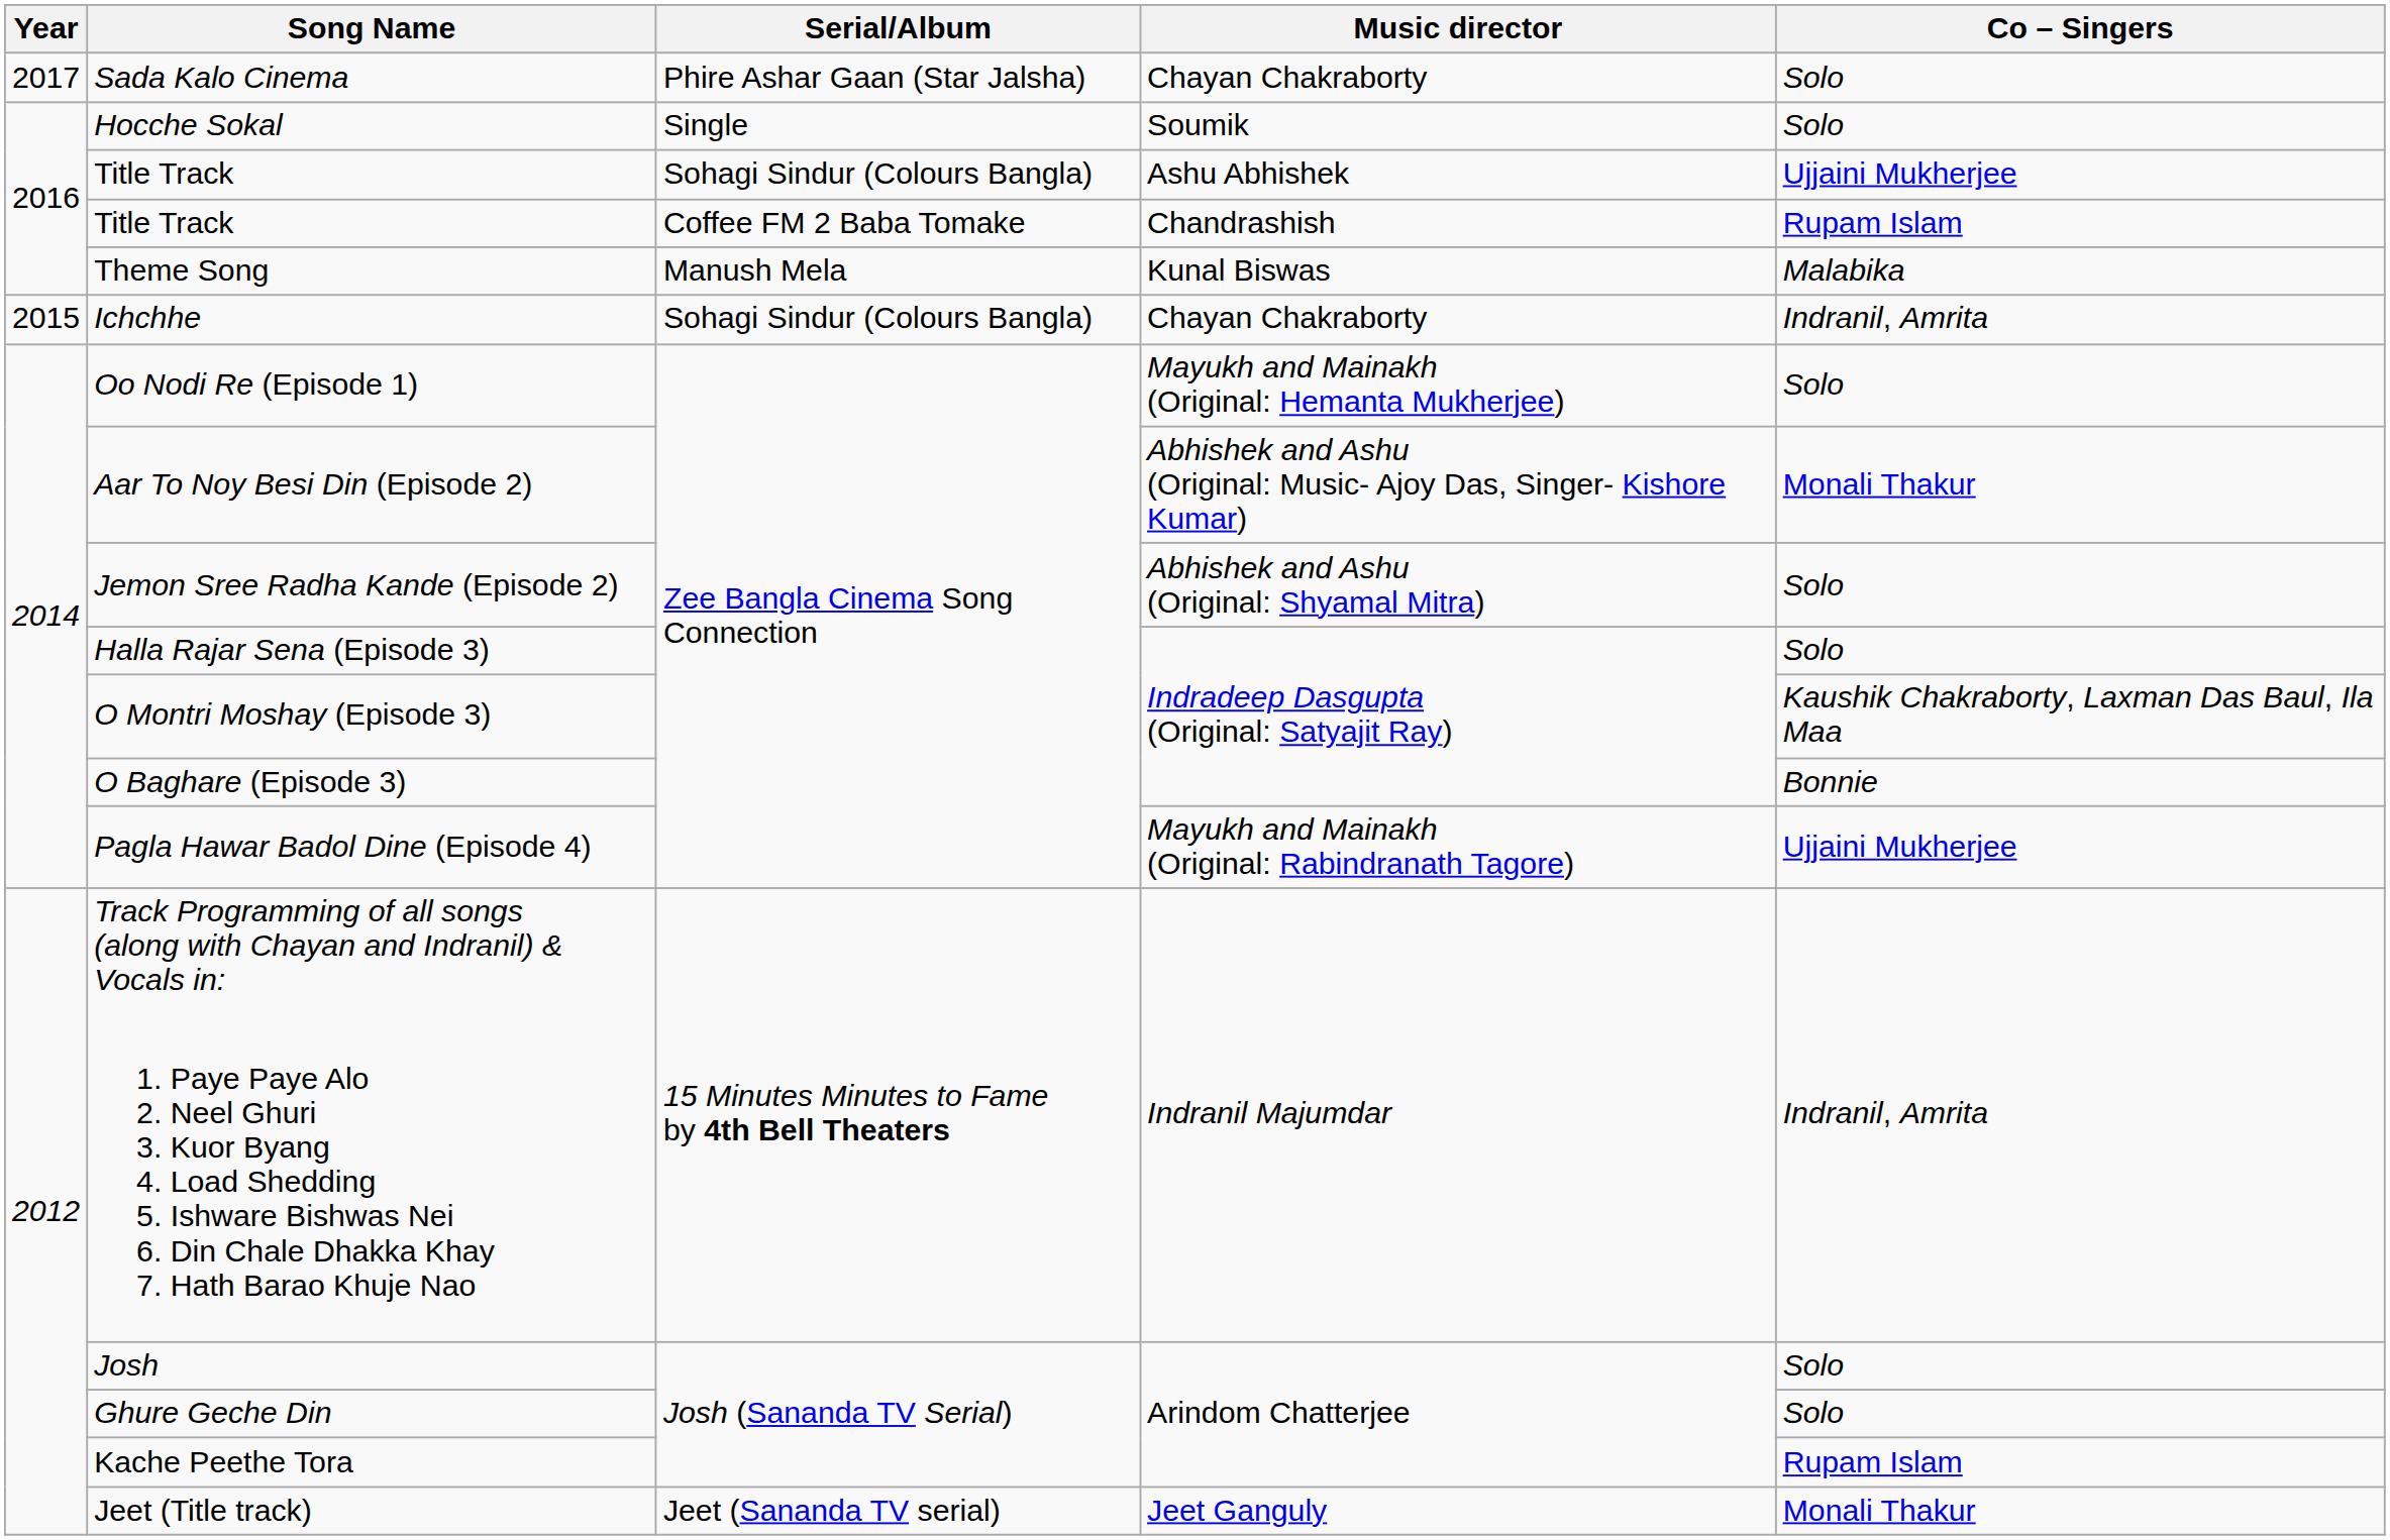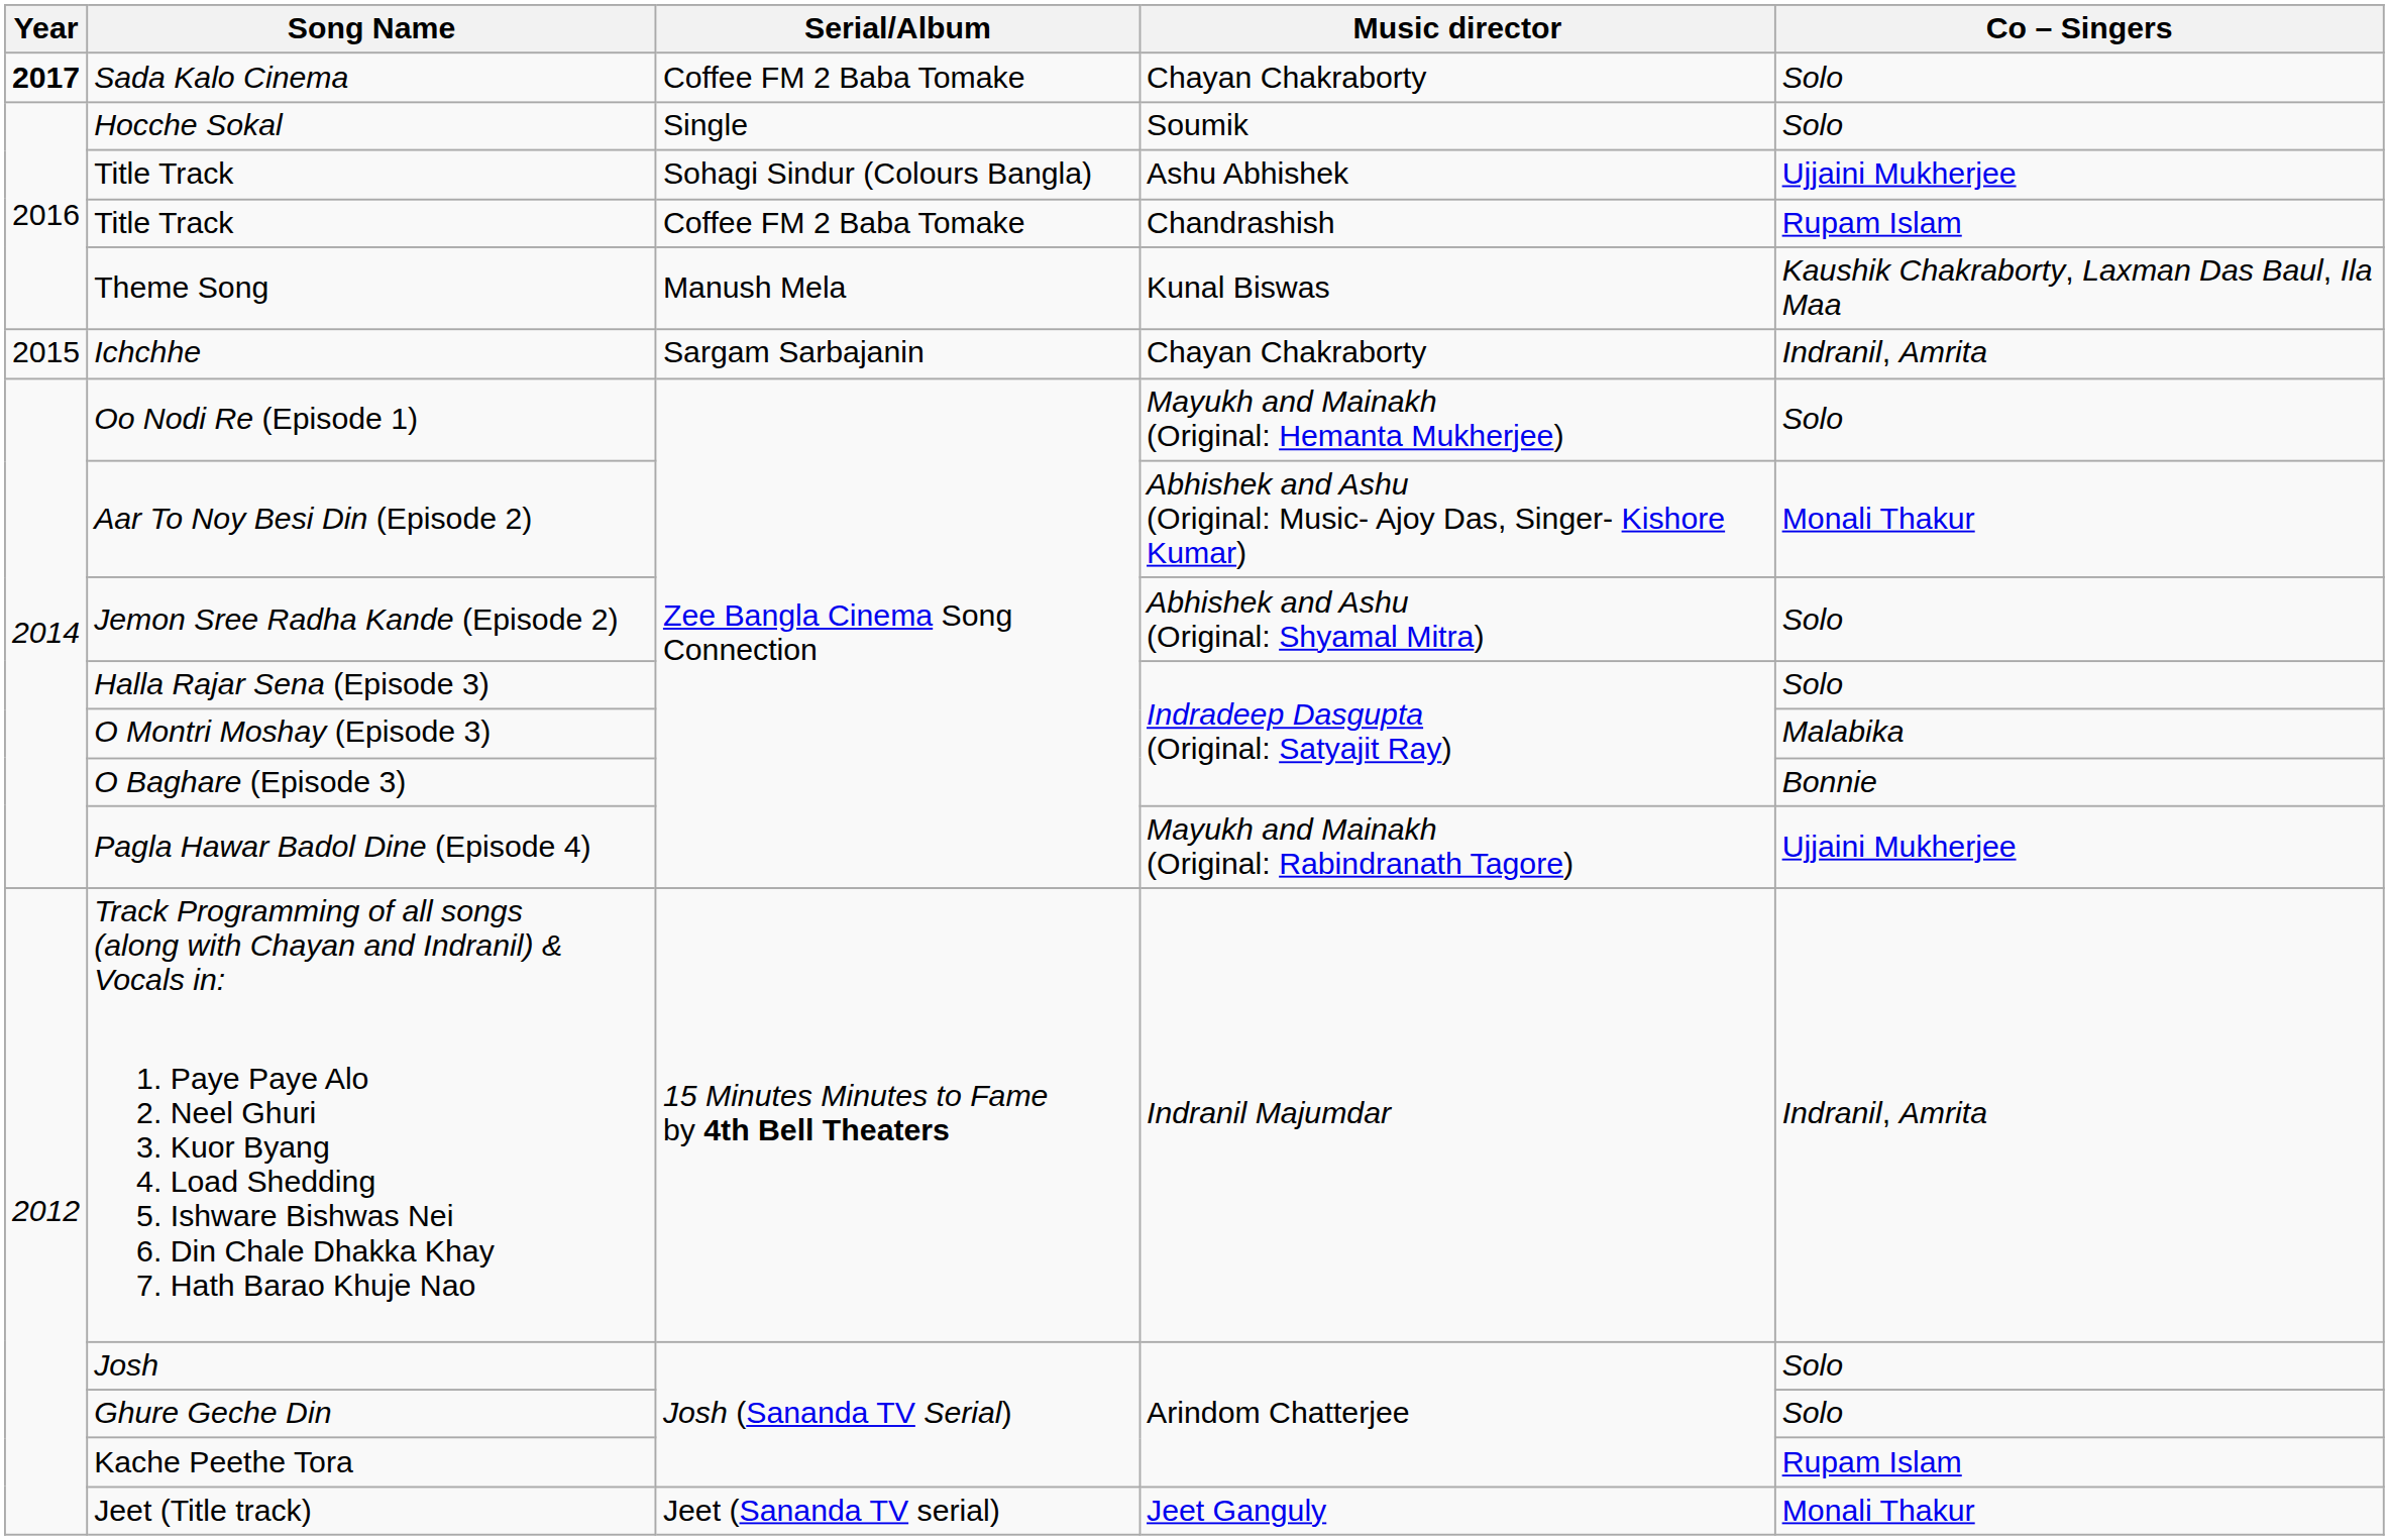 <table class="wikitable">
 <tr>
 <th>Year</th>
 <th>Song Name</th>
 <th>Serial/Album</th>
 <th>Music director</th>
 <th>Co – Singers</th>
 </tr>
 <tr>
-<td rowspan="1">2017</td>
+<td rowspan="1"><strong>2017</strong></td>
 <td><em>Sada Kalo Cinema</em></td>
-<td>Phire Ashar Gaan (Star Jalsha)</td>
+<td>Coffee FM 2 Baba Tomake</td>
 <td>Chayan Chakraborty</td>
 <td><em>Solo</em></td>
 </tr>
 <tr>
 <td rowspan="4">2016</td>
 <td><em>Hocche Sokal</em></td>
 <td>Single</td>
 <td>Soumik</td>
 <td><em>Solo</em></td>
 </tr>
 <tr>
 <td>Title Track</td>
 <td>Sohagi Sindur (Colours Bangla)</td>
 <td>Ashu Abhishek</td>
 <td><a href='#'>Ujjaini Mukherjee</a></td>
 </tr>
 <tr>
 <td>Title Track</td>
 <td>Coffee FM 2 Baba Tomake</td>
 <td>Chandrashish</td>
 <td><a href='#'>Rupam Islam</a></td>
 </tr>
 <tr>
 <td>Theme Song</td>
 <td>Manush Mela</td>
 <td>Kunal Biswas</td>
-<td><em>Malabika</em></td>
+<td><em>Kaushik Chakraborty</em>, <em>Laxman Das Baul</em>, <em>Ila Maa</em></td>
 </tr>
 <tr>
 <td rowspan="1">2015</td>
 <td><em>Ichchhe</em></td>
-<td>Sohagi Sindur (Colours Bangla)</td>
+<td>Sargam Sarbajanin</td>
 <td>Chayan Chakraborty</td>
 <td><em>Indranil</em>, <em>Amrita</em></td>
 </tr>
 <tr>
 <td rowspan="7"><em>2014</em></td>
 <td><em>Oo Nodi Re</em> (Episode 1)</td>
 <td rowspan="7"><a href='#'>Zee Bangla Cinema</a> Song Connection</td>
 <td><em>Mayukh and Mainakh</em><br>(Original: <a href='#'>Hemanta Mukherjee</a>)<br></td>
 <td><em>Solo</em></td>
 </tr>
 <tr>
 <td><em>Aar To Noy Besi Din</em> (Episode 2)</td>
 <td><em>Abhishek and Ashu</em><br>(Original: Music- Ajoy Das, Singer- <a href='#'>Kishore Kumar</a>)<br></td>
 <td><a href='#'>Monali Thakur</a></td>
 </tr>
 <tr>
 <td><em>Jemon Sree Radha Kande</em> (Episode 2)</td>
 <td><em>Abhishek and Ashu</em><br> (Original: <a href='#'>Shyamal Mitra</a>)<br></td>
 <td><em>Solo</em></td>
 </tr>
 <tr>
 <td><em>Halla Rajar Sena</em> (Episode 3)</td>
 <td rowspan="3"><em><a href='#'>Indradeep Dasgupta</a></em> <br> (Original: <a href='#'>Satyajit Ray</a>) <br></td>
 <td><em>Solo</em></td>
 </tr>
 <tr>
 <td><em>O Montri Moshay</em> (Episode 3)</td>
-<td><em>Kaushik Chakraborty</em>, <em>Laxman Das Baul</em>, <em>Ila Maa</em></td>
+<td><em>Malabika</em></td>
 </tr>
 <tr>
 <td><em>O Baghare</em> (Episode 3)</td>
 <td><em>Bonnie</em></td>
 </tr>
 <tr>
 <td><em>Pagla Hawar Badol Dine</em> (Episode 4)</td>
 <td><em>Mayukh and Mainakh</em><br>(Original: <a href='#'>Rabindranath Tagore</a>)<br></td>
 <td><a href='#'>Ujjaini Mukherjee</a></td>
 </tr>
 <tr>
 <td rowspan="5"><em>2012</em></td>
 <td><em>Track Programming of all songs <br>(along with Chayan and Indranil) & Vocals in:<br></em><br><ol><li>Paye Paye Alo</li><li>Neel Ghuri</li><li>Kuor Byang</li><li>Load Shedding</li><li>Ishware Bishwas Nei</li><li>Din Chale Dhakka Khay</li><li>Hath Barao Khuje Nao</li></ol></td>
 <td><em>15 Minutes Minutes to Fame</em><br>by <strong>4th Bell Theaters</strong></td>
 <td><em>Indranil Majumdar</em></td>
 <td><em>Indranil</em>, <em>Amrita</em></td>
 </tr>
 <tr>
 <td><em>Josh</em></td>
 <td rowspan="3"><em>Josh</em> (<a href='#'>Sananda TV</a> <em>Serial</em>)</td>
 <td rowspan = "3">Arindom Chatterjee</td>
 <td><em>Solo</em></td>
 </tr>
 <tr>
 <td><em>Ghure Geche Din</em></td>
 <td><em>Solo</em></td>
 </tr>
 <tr>
 <td>Kache Peethe Tora</td>
 <td><a href='#'>Rupam Islam</a></td>
 </tr>
 <tr>
 <td>Jeet (Title track)</td>
 <td>Jeet (<a href='#'>Sananda TV</a> serial)</td>
 <td><a href='#'>Jeet Ganguly</a></td>
 <td><a href='#'>Monali Thakur</a></td>
 </tr>
 </table>
